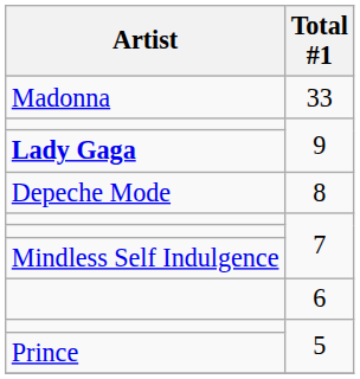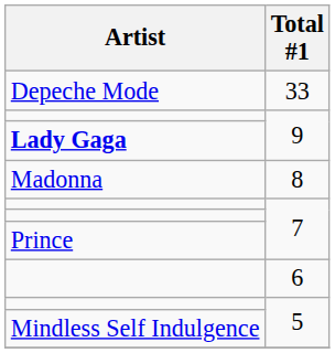 <table class="wikitable sortable plainrowheaders">
 <tr>
 <th>Artist</th>
 <th>Total<br>#1</th>
 </tr>
 <tr>
-<td><a href='#'>Madonna</a></td>
+<td><a href='#'>Depeche Mode</a></td>
 <td align="center">33</td>
 </tr>
 <tr>
 <td></td>
 <td rowspan="2" align="center">9</td>
 </tr>
 <tr>
 <td><strong><a href='#'>Lady Gaga</a></strong></td>
 </tr>
 <tr>
-<td><a href='#'>Depeche Mode</a></td>
+<td><a href='#'>Madonna</a></td>
 <td align="center">8</td>
 </tr>
 <tr>
 <td></td>
 <td rowspan="3" align="center">7</td>
 </tr>
 <tr>
 <td></td>
 </tr>
 <tr>
-<td><a href='#'>Mindless Self Indulgence</a></td>
+<td><a href='#'>Prince</a></td>
 </tr>
 <tr>
 <td></td>
 <td align="center">6</td>
 </tr>
 <tr>
 <td></td>
 <td rowspan="2" align="center">5</td>
 </tr>
 <tr>
-<td><a href='#'>Prince</a></td>
+<td><a href='#'>Mindless Self Indulgence</a></td>
 </tr>
 <tr>
 </tr>
 </table>
